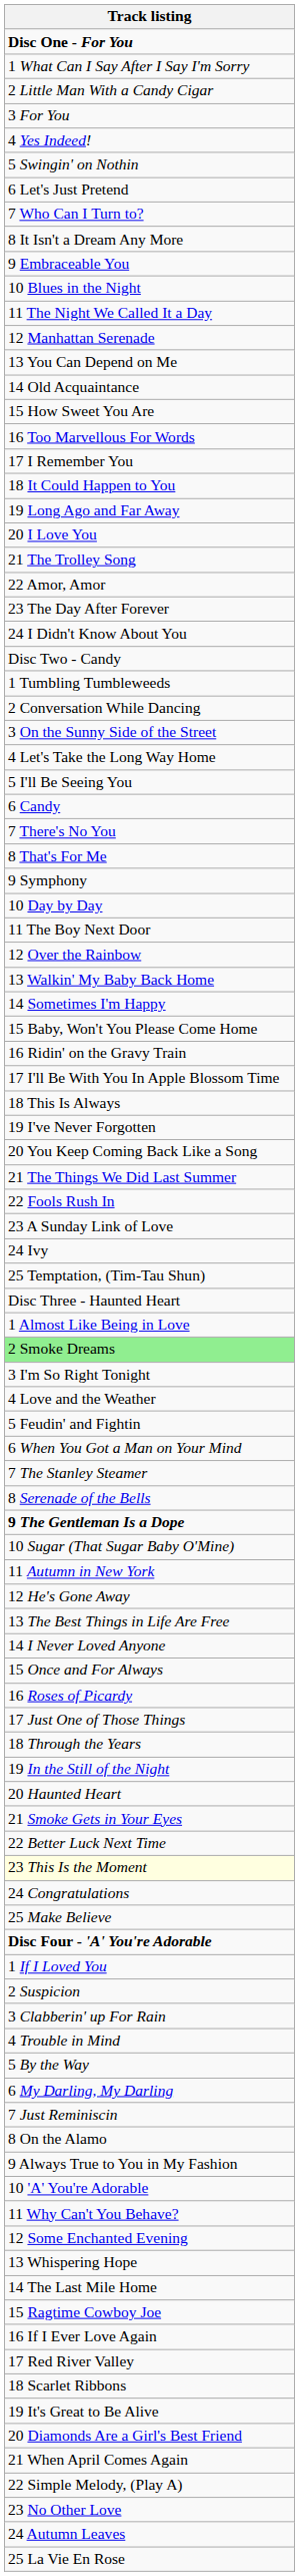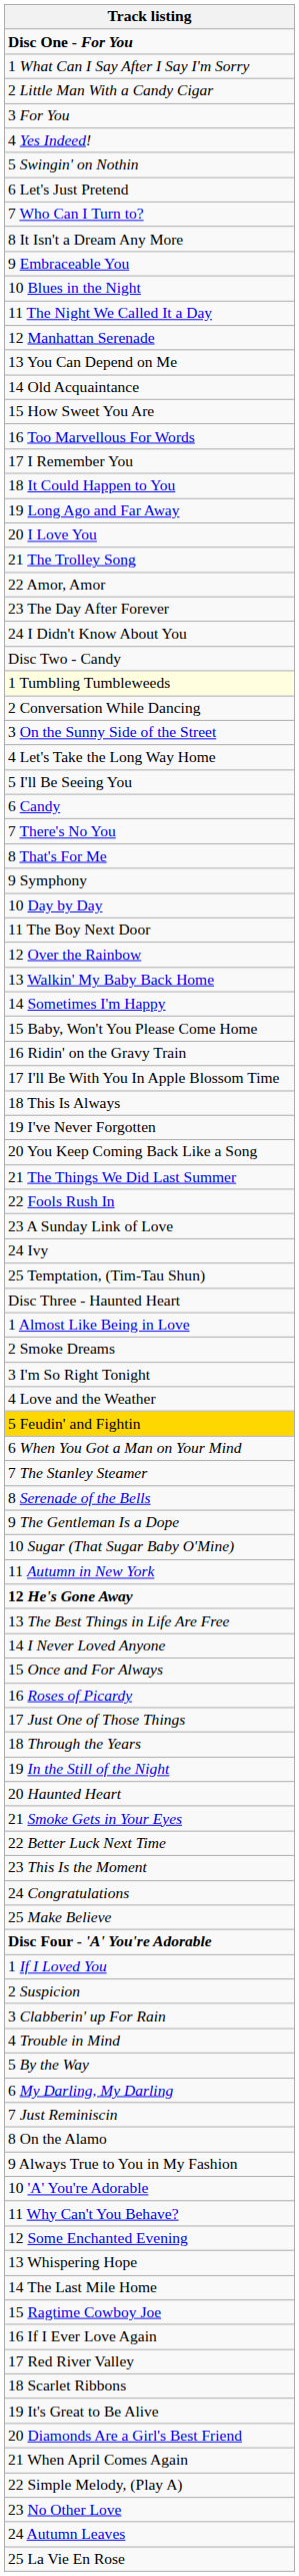 <table class="wikitable collapsible collapsed" style="width:300px;">
 <tr>
 <th>Track listing</th>
 </tr>
 <tr>
 <td><strong>Disc One - <em>For You</em> </strong></td>
 </tr>
 <tr>
 <td>1 <em>What Can I Say After I Say I'm Sorry</em></td>
 </tr>
 <tr>
 <td>2 <em>Little Man With a Candy Cigar</em></td>
 </tr>
 <tr>
 <td>3 <em>For You</em></td>
 </tr>
 <tr>
 <td>4 <em><a href='#'>Yes Indeed</a>!</em></td>
 </tr>
 <tr>
 <td>5 <em>Swingin' on Nothin<strong></td>
 </tr>
 <tr>
 <td>6 </em>Let's Just Pretend<em></td>
 </tr>
 <tr>
 <td>7 </em><a href='#'>Who Can I Turn to?</a><em></td>
 </tr>
 <tr>
 <td>8 </em>It Isn't a Dream Any More<em></td>
 </tr>
 <tr>
 <td>9 </em><a href='#'>Embraceable You</a><em></td>
 </tr>
 <tr>
 <td>10 </em><a href='#'>Blues in the Night</a><em></td>
 </tr>
 <tr>
 <td>11 </em><a href='#'>The Night We Called It a Day</a><em></td>
 </tr>
 <tr>
 <td>12 </em><a href='#'>Manhattan Serenade</a><em></td>
 </tr>
 <tr>
 <td>13 </em>You Can Depend on Me<em></td>
 </tr>
 <tr>
 <td>14 </em>Old Acquaintance<em></td>
 </tr>
 <tr>
 <td>15 </em>How Sweet You Are<em></td>
 </tr>
 <tr>
 <td>16 </em><a href='#'>Too Marvellous For Words</a><em></td>
 </tr>
 <tr>
 <td>17 </em>I Remember You<em></td>
 </tr>
 <tr>
 <td>18 </em><a href='#'>It Could Happen to You</a><em></td>
 </tr>
 <tr>
 <td>19 </em><a href='#'>Long Ago and Far Away</a><em></td>
 </tr>
 <tr>
 <td>20 </em><a href='#'>I Love You</a><em></td>
 </tr>
 <tr>
 <td>21 </em><a href='#'>The Trolley Song</a><em></td>
 </tr>
 <tr>
 <td>22 </em>Amor, Amor<em></td>
 </tr>
 <tr>
 <td>23 </em>The Day After Forever<em></td>
 </tr>
 <tr>
 <td>24 </em>I Didn't Know About You<em></td>
 </tr>
 <tr>
 <td></strong>Disc Two - </em>Candy<em> <strong></td>
 </tr>
 <tr>
-<td>1 </em>Tumbling Tumbleweeds<em></td>
+<td style="background: lightyellow;">1 </em>Tumbling Tumbleweeds<em></td>
 </tr>
 <tr>
 <td>2 </em>Conversation While Dancing<em></td>
 </tr>
 <tr>
 <td>3 </em><a href='#'>On the Sunny Side of the Street</a><em></td>
 </tr>
 <tr>
 <td>4 </em>Let's Take the Long Way Home<em></td>
 </tr>
 <tr>
 <td>5 </em>I'll Be Seeing You<em></td>
 </tr>
 <tr>
 <td>6 </em><a href='#'>Candy</a><em></td>
 </tr>
 <tr>
 <td>7 </em><a href='#'>There's No You</a><em></td>
 </tr>
 <tr>
 <td>8 </em><a href='#'>That's For Me</a><em></td>
 </tr>
 <tr>
 <td>9 </em>Symphony<em></td>
 </tr>
 <tr>
 <td>10 </em><a href='#'>Day by Day</a><em></td>
 </tr>
 <tr>
 <td>11 </em>The Boy Next Door<em></td>
 </tr>
 <tr>
 <td>12 </em><a href='#'>Over the Rainbow</a><em></td>
 </tr>
 <tr>
 <td>13 </em><a href='#'>Walkin' My Baby Back Home</a><em></td>
 </tr>
 <tr>
 <td>14 </em><a href='#'>Sometimes I'm Happy</a><em></td>
 </tr>
 <tr>
 <td>15 </em>Baby, Won't You Please Come Home<em></td>
 </tr>
 <tr>
 <td>16 </em>Ridin' on the Gravy Train<em></td>
 </tr>
 <tr>
 <td>17 </em>I'll Be With You In Apple Blossom Time<em></td>
 </tr>
 <tr>
 <td>18 </em>This Is Always<em></td>
 </tr>
 <tr>
 <td>19 </em>I've Never Forgotten<em></td>
 </tr>
 <tr>
 <td>20 </em>You Keep Coming Back Like a Song<em></td>
 </tr>
 <tr>
 <td>21 </em><a href='#'>The Things We Did Last Summer</a><em></td>
 </tr>
 <tr>
 <td>22 </em><a href='#'>Fools Rush In</a><em></td>
 </tr>
 <tr>
 <td>23 </em>A Sunday Link of Love<em></td>
 </tr>
 <tr>
 <td>24 </em>Ivy<em></td>
 </tr>
 <tr>
 <td>25 </em>Temptation, (Tim-Tau Shun)<em></td>
 </tr>
 <tr>
 <td></strong>Disc Three - </em>Haunted Heart<em> <strong></td>
 </tr>
 <tr>
 <td>1 </em><a href='#'>Almost Like Being in Love</a><em></td>
 </tr>
 <tr>
-<td style="background: lightgreen;">2 </em>Smoke Dreams<em></td>
+<td>2 </em>Smoke Dreams<em></td>
 </tr>
 <tr>
 <td>3 </em>I'm So Right Tonight<em></td>
 </tr>
 <tr>
 <td>4 </em>Love and the Weather<em></td>
 </tr>
 <tr>
-<td>5 </em>Feudin' and Fightin</strong></td>
+<td style="background: gold;">5 </em>Feudin' and Fightin</strong></td>
 </tr>
 <tr>
 <td>6 <em>When You Got a Man on Your Mind</em></td>
 </tr>
 <tr>
 <td>7 <em>The Stanley Steamer</em></td>
 </tr>
 <tr>
 <td>8 <em><a href='#'>Serenade of the Bells</a></em></td>
 </tr>
 <tr>
-<td><strong>9 <em>The Gentleman Is a Dope</em></strong></td>
+<td>9 <em>The Gentleman Is a Dope</em></td>
 </tr>
 <tr>
 <td>10 <em>Sugar (That Sugar Baby O'Mine)</em></td>
 </tr>
 <tr>
 <td>11 <em><a href='#'>Autumn in New York</a></em></td>
 </tr>
 <tr>
-<td>12 <em>He's Gone Away</em></td>
+<td><strong>12 <em>He's Gone Away</em></strong></td>
 </tr>
 <tr>
 <td>13 <em>The Best Things in Life Are Free</em></td>
 </tr>
 <tr>
 <td>14 <em>I Never Loved Anyone</em></td>
 </tr>
 <tr>
 <td>15 <em>Once and For Always</em></td>
 </tr>
 <tr>
 <td>16 <em><a href='#'>Roses of Picardy</a></em></td>
 </tr>
 <tr>
 <td>17 <em>Just One of Those Things</em></td>
 </tr>
 <tr>
 <td>18 <em>Through the Years</em></td>
 </tr>
 <tr>
 <td>19 <em><a href='#'>In the Still of the Night</a></em></td>
 </tr>
 <tr>
 <td>20 <em>Haunted Heart</em></td>
 </tr>
 <tr>
 <td>21 <em><a href='#'>Smoke Gets in Your Eyes</a></em></td>
 </tr>
 <tr>
 <td>22 <em>Better Luck Next Time</em></td>
 </tr>
 <tr>
-<td style="background: lightyellow;">23 <em>This Is the Moment</em></td>
+<td>23 <em>This Is the Moment</em></td>
 </tr>
 <tr>
 <td>24 <em>Congratulations</em></td>
 </tr>
 <tr>
 <td>25 <em>Make Believe</em></td>
 </tr>
 <tr>
 <td><strong>Disc Four -<em> 'A' You're Adorable</em> </strong></td>
 </tr>
 <tr>
 <td>1 <em><a href='#'>If I Loved You</a></em></td>
 </tr>
 <tr>
 <td>2 <em>Suspicion</em></td>
 </tr>
 <tr>
 <td>3 <em>Clabberin' up For Rain</em></td>
 </tr>
 <tr>
 <td>4 <em>Trouble in Mind</em></td>
 </tr>
 <tr>
 <td>5 <em>By the Way</em></td>
 </tr>
 <tr>
 <td>6 <em><a href='#'>My Darling, My Darling</a></em></td>
 </tr>
 <tr>
 <td>7 <em>Just Reminiscin<strong></td>
 </tr>
 <tr>
 <td>8 </em>On the Alamo<em></td>
 </tr>
 <tr>
 <td>9 </em>Always True to You in My Fashion<em></td>
 </tr>
 <tr>
 <td>10 </em><a href='#'>'A' You're Adorable</a><em></td>
 </tr>
 <tr>
 <td>11 </em><a href='#'>Why Can't You Behave?</a><em></td>
 </tr>
 <tr>
 <td>12 </em><a href='#'>Some Enchanted Evening</a><em></td>
 </tr>
 <tr>
 <td>13 </em>Whispering Hope<em></td>
 </tr>
 <tr>
 <td>14 </em>The Last Mile Home<em></td>
 </tr>
 <tr>
 <td>15 </em><a href='#'>Ragtime Cowboy Joe</a><em></td>
 </tr>
 <tr>
 <td>16 </em>If I Ever Love Again<em></td>
 </tr>
 <tr>
 <td>17 </em>Red River Valley<em></td>
 </tr>
 <tr>
 <td>18 </em>Scarlet Ribbons<em></td>
 </tr>
 <tr>
 <td>19 </em>It's Great to Be Alive<em></td>
 </tr>
 <tr>
 <td>20 </em><a href='#'>Diamonds Are a Girl's Best Friend</a><em></td>
 </tr>
 <tr>
 <td>21 </em>When April Comes Again<em></td>
 </tr>
 <tr>
 <td>22 </em>Simple Melody, (Play A)<em></td>
 </tr>
 <tr>
 <td>23 </em><a href='#'>No Other Love</a><em></td>
 </tr>
 <tr>
 <td>24 </em><a href='#'>Autumn Leaves</a><em></td>
 </tr>
 <tr>
 <td>25 </em>La Vie En Rose<em></td>
 </tr>
 </table>
